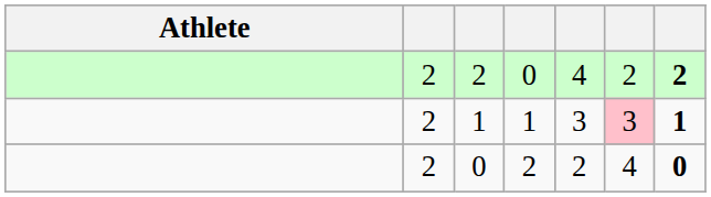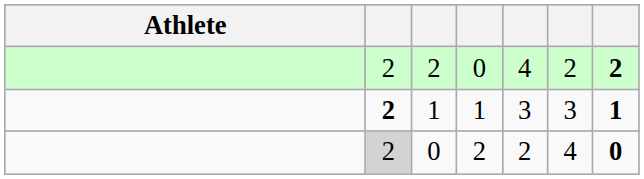 <table class=wikitable style="text-align:center">
 <tr>
 <th width=210>Athlete</th>
 <th width=20></th>
 <th width=20></th>
 <th width=20></th>
 <th width=20></th>
 <th width=20></th>
 <th width=20></th>
 </tr>
 <tr bgcolor=ccffcc>
 <td style="text-align:left"></td>
 <td>2</td>
 <td>2</td>
 <td>0</td>
 <td>4</td>
 <td>2</td>
 <td><strong>2</strong></td>
 </tr>
 <tr>
 <td style="text-align:left"></td>
-<td>2</td>
+<td><strong>2</strong></td>
 <td>1</td>
 <td>1</td>
 <td>3</td>
-<td style="background: pink;">3</td>
+<td>3</td>
 <td><strong>1</strong></td>
 </tr>
 <tr>
 <td style="text-align:left"></td>
-<td>2</td>
+<td style="background: lightgrey;">2</td>
 <td>0</td>
 <td>2</td>
 <td>2</td>
 <td>4</td>
 <td><strong>0</strong></td>
 </tr>
 </table>
